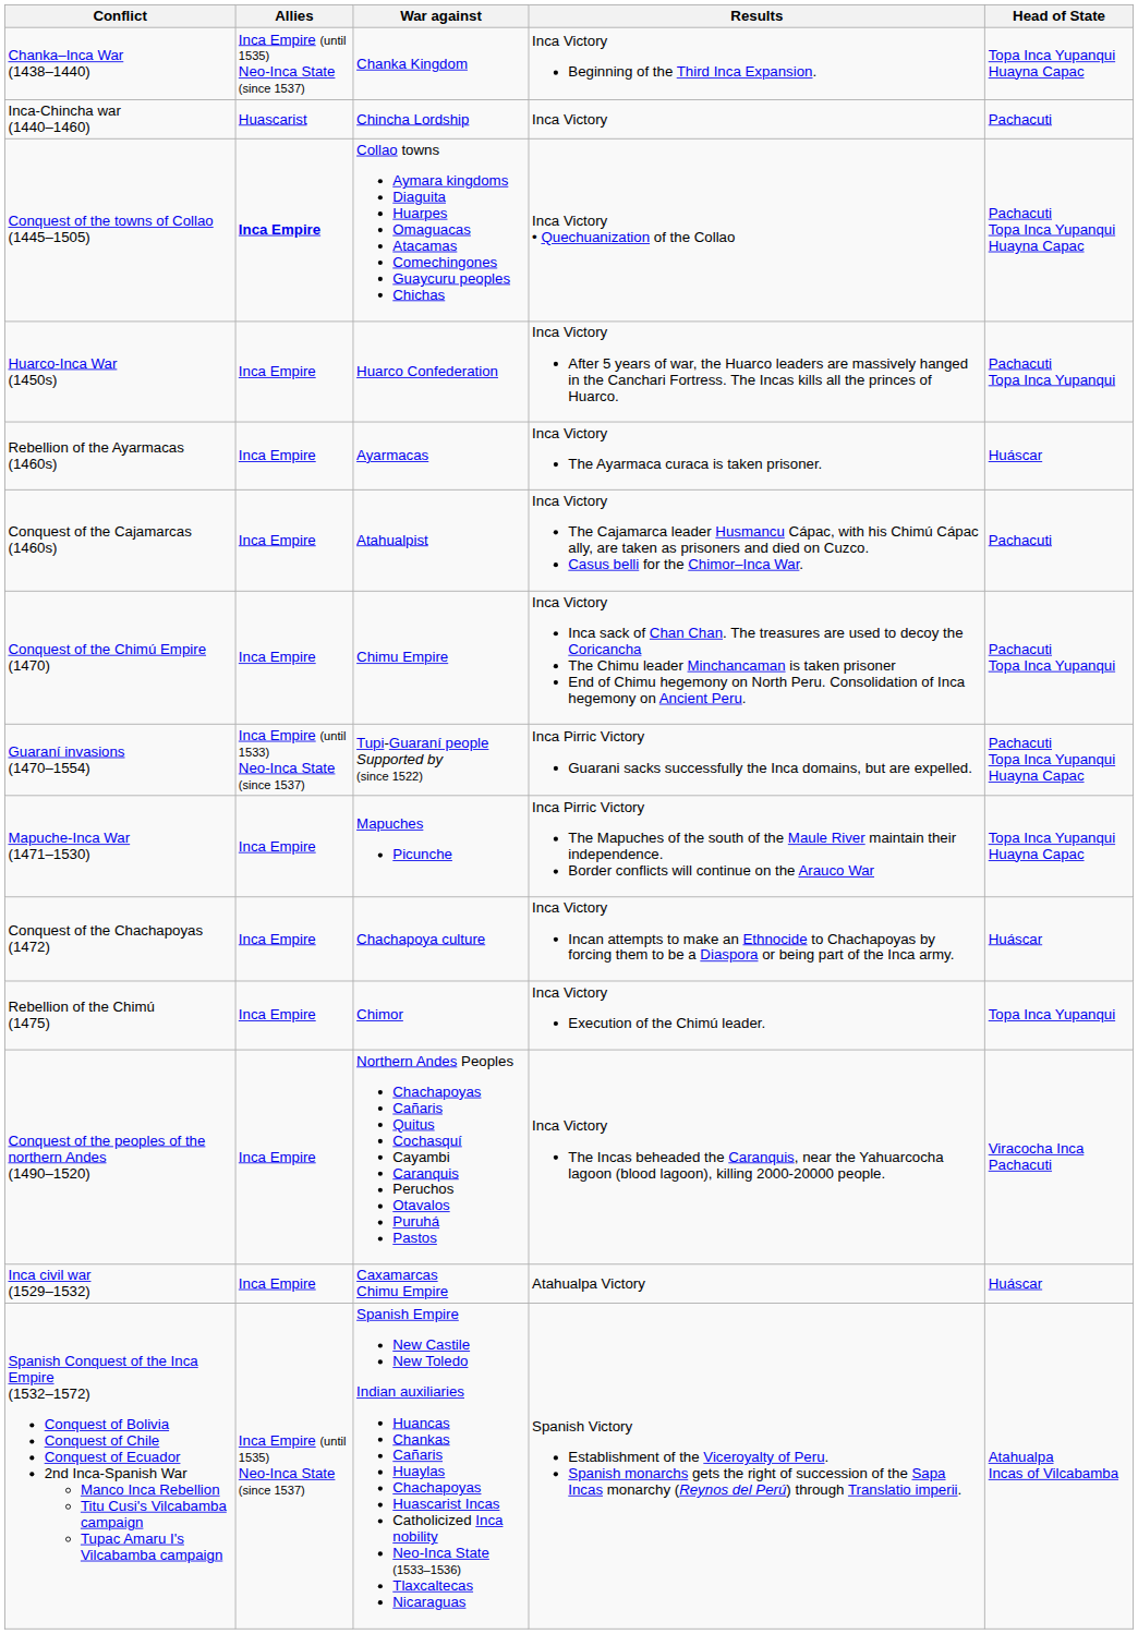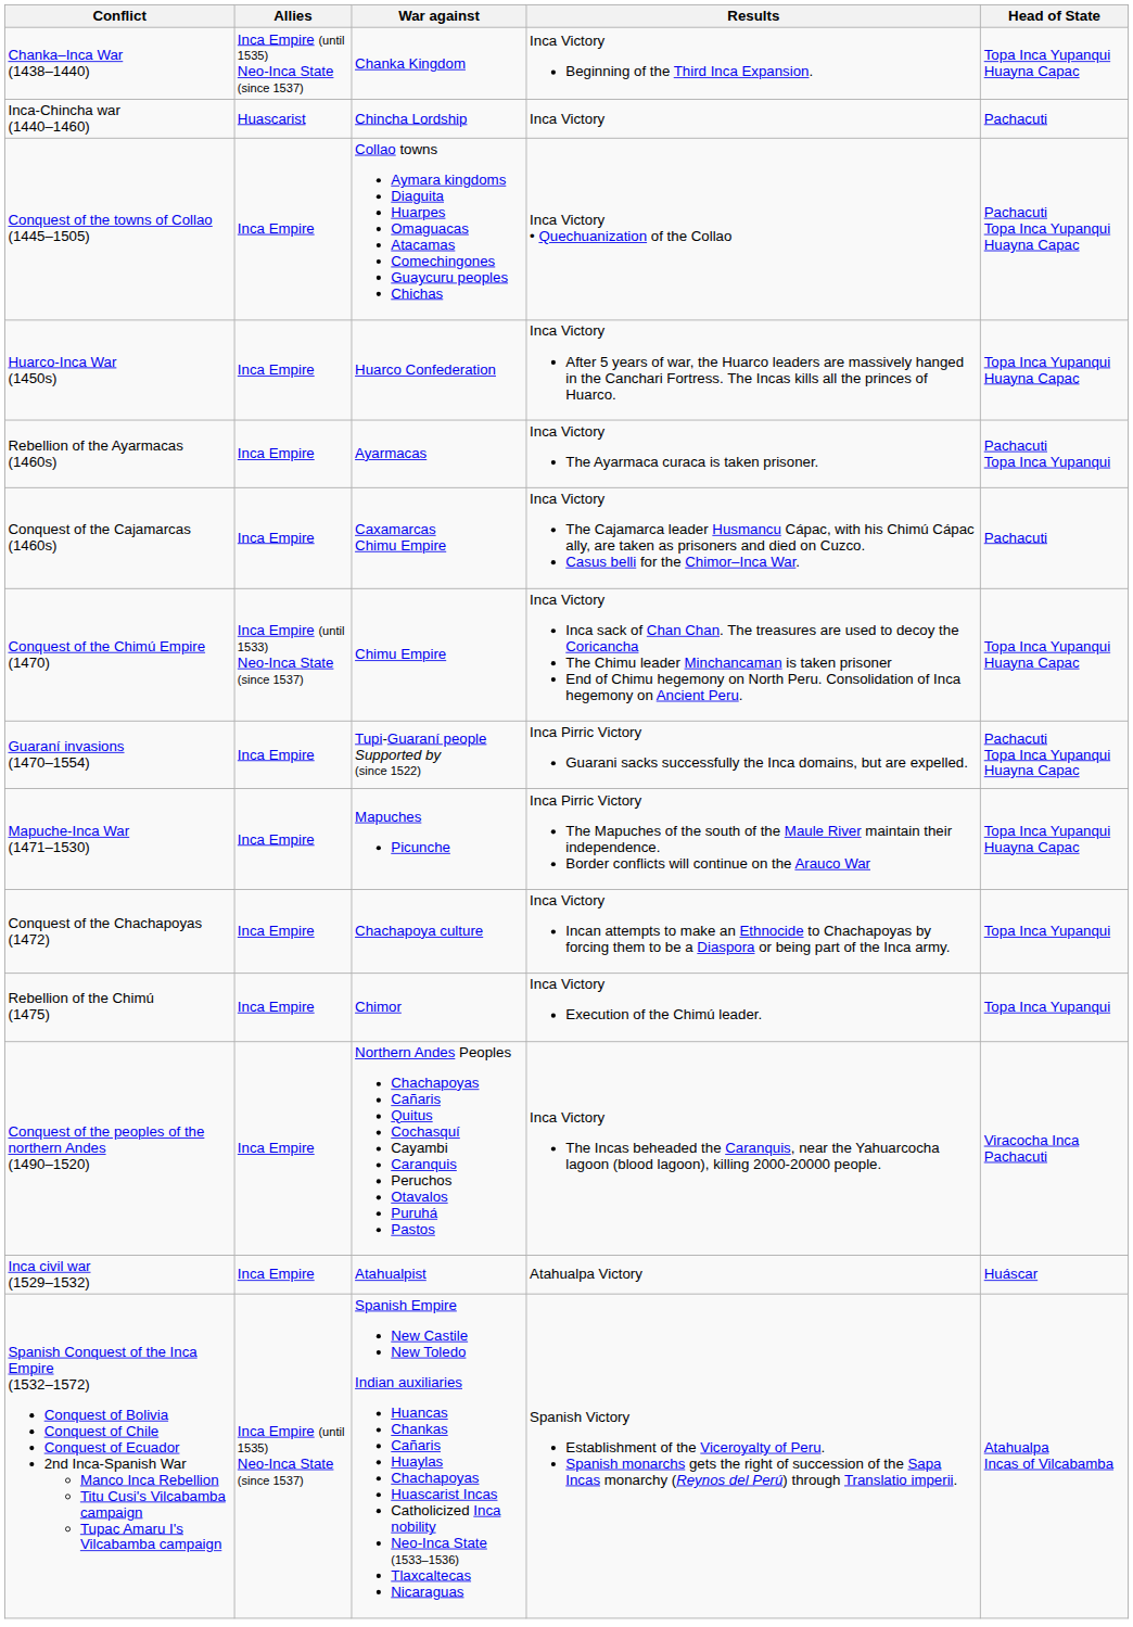 <table class="wikitable">
 <tr>
 <th>Conflict</th>
 <th>Allies</th>
 <th>War against</th>
 <th>Results</th>
 <th>Head of State</th>
 </tr>
 <tr>
 <td><a href='#'>Chanka–Inca War</a><br>(1438–1440)</td>
 <td> <a href='#'>Inca Empire</a> <small>(until 1535)</small><br> <a href='#'>Neo-Inca State</a> <small>(since 1537)</small></td>
 <td><a href='#'>Chanka Kingdom</a></td>
 <td>Inca Victory<br><ul><li>Beginning of the <a href='#'>Third Inca Expansion</a>.</li></ul></td>
 <td><a href='#'>Topa Inca Yupanqui</a><br><a href='#'>Huayna Capac</a></td>
 </tr>
 <tr>
 <td>Inca-Chincha war<br>(1440–1460)</td>
 <td> <a href='#'>Huascarist</a></td>
 <td><a href='#'>Chincha Lordship</a></td>
 <td>Inca Victory</td>
 <td><a href='#'>Pachacuti</a></td>
 </tr>
 <tr>
 <td><a href='#'>Conquest of the towns of Collao</a><br>(1445–1505)</td>
-<td><strong> <a href='#'>Inca Empire</a></strong></td>
+<td> <a href='#'>Inca Empire</a></td>
 <td><a href='#'>Collao</a> towns<br><ul><li><a href='#'>Aymara kingdoms</a></li><li><a href='#'>Diaguita</a></li><li><a href='#'>Huarpes</a></li><li><a href='#'>Omaguacas</a></li><li><a href='#'>Atacamas</a></li><li><a href='#'>Comechingones</a></li><li><a href='#'>Guaycuru peoples</a></li><li><a href='#'>Chichas</a></li></ul></td>
 <td>Inca Victory<br>• <a href='#'>Quechuanization</a> of the Collao</td>
 <td><a href='#'>Pachacuti</a><br><a href='#'>Topa Inca Yupanqui</a> <a href='#'>Huayna Capac</a></td>
 </tr>
 <tr>
 <td><a href='#'>Huarco-Inca War</a><br>(1450s)</td>
 <td> <a href='#'>Inca Empire</a></td>
 <td><a href='#'>Huarco Confederation</a></td>
 <td>Inca Victory<br><ul><li>After 5 years of war, the Huarco leaders are massively hanged in the Canchari Fortress. The Incas kills all the princes of Huarco.</li></ul></td>
-<td><a href='#'>Pachacuti</a><br><a href='#'>Topa Inca Yupanqui</a></td>
+<td><a href='#'>Topa Inca Yupanqui</a><br><a href='#'>Huayna Capac</a></td>
 </tr>
 <tr>
 <td>Rebellion of the Ayarmacas<br>(1460s)</td>
 <td> <a href='#'>Inca Empire</a></td>
 <td><a href='#'>Ayarmacas</a></td>
 <td>Inca Victory<br><ul><li>The Ayarmaca curaca is taken prisoner.</li></ul></td>
-<td><a href='#'>Huáscar</a></td>
+<td><a href='#'>Pachacuti</a><br><a href='#'>Topa Inca Yupanqui</a></td>
 </tr>
 <tr>
 <td>Conquest of the Cajamarcas<br>(1460s)</td>
 <td> <a href='#'>Inca Empire</a></td>
-<td> <a href='#'>Atahualpist</a></td>
+<td><a href='#'>Caxamarcas</a><br><a href='#'>Chimu Empire</a></td>
 <td>Inca Victory<br><ul><li>The Cajamarca leader <a href='#'>Husmancu</a> Cápac, with his Chimú Cápac ally, are taken as prisoners and died on Cuzco.</li><li><a href='#'>Casus belli</a> for the <a href='#'>Chimor–Inca War</a>.</li></ul></td>
 <td><a href='#'>Pachacuti</a></td>
 </tr>
 <tr>
 <td><a href='#'>Conquest of the Chimú Empire</a><br>(1470)</td>
-<td> <a href='#'>Inca Empire</a></td>
+<td> <a href='#'>Inca Empire</a> <small>(until 1533)</small><br> <a href='#'>Neo-Inca State</a> <small>(since 1537)</small></td>
 <td><a href='#'>Chimu Empire</a></td>
 <td>Inca Victory<br><ul><li>Inca sack of <a href='#'>Chan Chan</a>. The treasures are used to decoy the <a href='#'>Coricancha</a></li><li>The Chimu leader <a href='#'>Minchancaman</a> is taken prisoner</li><li>End of Chimu hegemony on North Peru. Consolidation of Inca hegemony on <a href='#'>Ancient Peru</a>.</li></ul></td>
-<td><a href='#'>Pachacuti</a><br><a href='#'>Topa Inca Yupanqui</a></td>
+<td><a href='#'>Topa Inca Yupanqui</a><br><a href='#'>Huayna Capac</a></td>
 </tr>
 <tr>
 <td><a href='#'>Guaraní invasions</a><br>(1470–1554)</td>
-<td> <a href='#'>Inca Empire</a> <small>(until 1533)</small><br> <a href='#'>Neo-Inca State</a> <small>(since 1537)</small></td>
+<td> <a href='#'>Inca Empire</a></td>
 <td><a href='#'>Tupi</a>-<a href='#'>Guaraní people</a><br><em>Supported by</em><br>  <small>(since 1522)</small></td>
 <td>Inca Pirric Victory<br><ul><li>Guarani sacks successfully the Inca domains, but are expelled.</li></ul></td>
 <td><a href='#'>Pachacuti</a><br><a href='#'>Topa Inca Yupanqui</a> <a href='#'>Huayna Capac</a></td>
 </tr>
 <tr>
 <td><a href='#'>Mapuche-Inca War</a><br>(1471–1530)</td>
 <td> <a href='#'>Inca Empire</a></td>
 <td> <a href='#'>Mapuches</a><br><ul><li><a href='#'>Picunche</a></li></ul></td>
 <td>Inca Pirric Victory<br><ul><li>The Mapuches of the south of the <a href='#'>Maule River</a> maintain their independence.</li><li>Border conflicts will continue on the <a href='#'>Arauco War</a></li></ul></td>
 <td><a href='#'>Topa Inca Yupanqui</a><br><a href='#'>Huayna Capac</a></td>
 </tr>
 <tr>
 <td>Conquest of the Chachapoyas<br>(1472)</td>
 <td> <a href='#'>Inca Empire</a></td>
 <td><a href='#'>Chachapoya culture</a></td>
 <td>Inca Victory<br><ul><li>Incan attempts to make an <a href='#'>Ethnocide</a> to Chachapoyas by forcing them to be a <a href='#'>Diaspora</a> or being part of the Inca army.</li></ul></td>
-<td><a href='#'>Huáscar</a></td>
+<td><a href='#'>Topa Inca Yupanqui</a></td>
 </tr>
 <tr>
 <td>Rebellion of the Chimú<br>(1475)</td>
 <td> <a href='#'>Inca Empire</a></td>
 <td><a href='#'>Chimor</a></td>
 <td>Inca Victory<br><ul><li>Execution of the Chimú leader.</li></ul></td>
 <td><a href='#'>Topa Inca Yupanqui</a></td>
 </tr>
 <tr>
 <td><a href='#'>Conquest of the peoples of the northern Andes</a><br>(1490–1520)</td>
 <td> <a href='#'>Inca Empire</a></td>
 <td><a href='#'>Northern Andes</a> Peoples<br><ul><li><a href='#'>Chachapoyas</a></li><li><a href='#'>Cañaris</a></li><li><a href='#'>Quitus</a></li><li><a href='#'>Cochasquí</a></li><li>Cayambi</li><li><a href='#'>Caranquis</a></li><li>Peruchos</li><li><a href='#'>Otavalos</a></li><li><a href='#'>Puruhá</a></li><li><a href='#'>Pastos</a></li></ul></td>
 <td>Inca Victory<br><ul><li>The Incas beheaded the <a href='#'>Caranquis</a>, near the Yahuarcocha lagoon (blood lagoon), killing 2000-20000 people.</li></ul></td>
 <td><a href='#'>Viracocha Inca</a><br><a href='#'>Pachacuti</a></td>
 </tr>
 <tr>
 <td><a href='#'>Inca civil war</a><br>(1529–1532)</td>
 <td> <a href='#'>Inca Empire</a></td>
-<td><a href='#'>Caxamarcas</a><br><a href='#'>Chimu Empire</a></td>
+<td> <a href='#'>Atahualpist</a></td>
 <td>Atahualpa Victory</td>
 <td><a href='#'>Huáscar</a></td>
 </tr>
 <tr>
 <td><a href='#'>Spanish Conquest of the Inca Empire</a><br>(1532–1572)<ul><li><a href='#'>Conquest of Bolivia</a></li><li><a href='#'>Conquest of Chile</a></li><li><a href='#'>Conquest of Ecuador</a></li><li>2nd Inca-Spanish War<ul><li><a href='#'>Manco Inca Rebellion</a></li><li><a href='#'>Titu Cusi's Vilcabamba campaign</a></li><li><a href='#'>Tupac Amaru I's Vilcabamba campaign</a></li></ul></li></ul></td>
 <td> <a href='#'>Inca Empire</a> <small>(until 1535)</small><br> <a href='#'>Neo-Inca State</a> <small>(since 1537)</small></td>
 <td> <a href='#'>Spanish Empire</a><br><ul><li> <a href='#'>New Castile</a></li><li> <a href='#'>New Toledo</a></li></ul><a href='#'>Indian auxiliaries</a><ul><li><a href='#'>Huancas</a></li><li><a href='#'>Chankas</a></li><li><a href='#'>Cañaris</a></li><li><a href='#'>Huaylas</a></li><li><a href='#'>Chachapoyas</a></li><li><a href='#'>Huascarist Incas</a></li><li>Catholicized <a href='#'>Inca nobility</a></li><li> <a href='#'>Neo-Inca State</a> <small>(1533–1536)</small></li><li><a href='#'>Tlaxcaltecas</a></li><li><a href='#'>Nicaraguas</a></li></ul></td>
 <td>Spanish Victory<br><ul><li>Establishment of the <a href='#'>Viceroyalty of Peru</a>.</li><li><a href='#'>Spanish monarchs</a> gets the right of succession of the <a href='#'>Sapa Incas</a> monarchy (<em><a href='#'>Reynos del Perú</a></em>) through <a href='#'>Translatio imperii</a>.</li></ul></td>
 <td><a href='#'>Atahualpa</a><br><a href='#'>Incas of Vilcabamba</a></td>
 </tr>
 </table>
